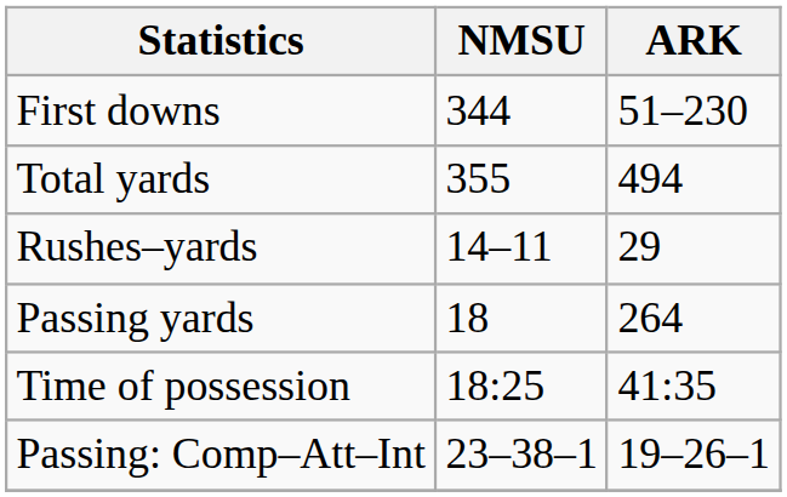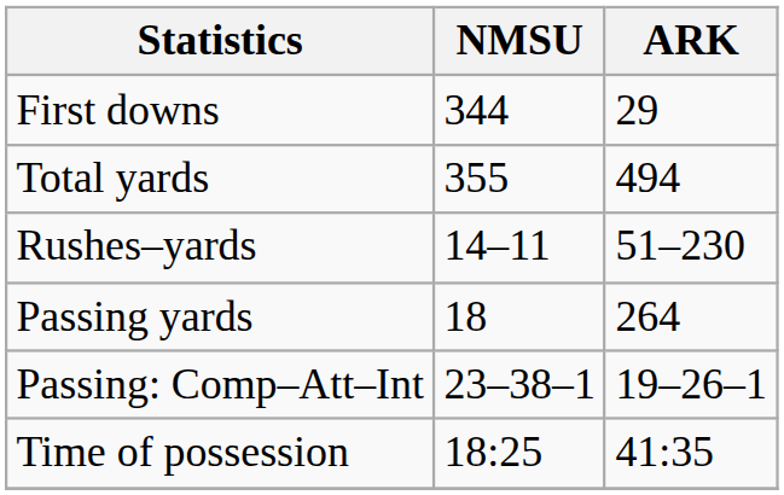 <table class="wikitable" style="float: left;">
 <tr>
 <th>Statistics</th>
 <th>NMSU</th>
 <th>ARK</th>
 </tr>
 <tr>
 <td>First downs</td>
 <td>344</td>
-<td>51–230</td>
+<td>29</td>
 </tr>
 <tr>
 <td>Total yards</td>
 <td>355</td>
 <td>494</td>
 </tr>
 <tr>
 <td>Rushes–yards</td>
 <td>14–11</td>
-<td>29</td>
+<td>51–230</td>
 </tr>
 <tr>
 <td>Passing yards</td>
 <td>18</td>
 <td>264</td>
 </tr>
 <tr>
+<td>Passing: Comp–Att–Int</td>
+<td>23–38–1</td>
+<td>19–26–1</td>
+</tr>
+<tr>
 <td>Time of possession</td>
 <td>18:25</td>
 <td>41:35</td>
 </tr>
 <tr>
-<td>Passing: Comp–Att–Int</td>
-<td>23–38–1</td>
-<td>19–26–1</td>
-</tr>
-<tr>
 </tr>
 </table>
